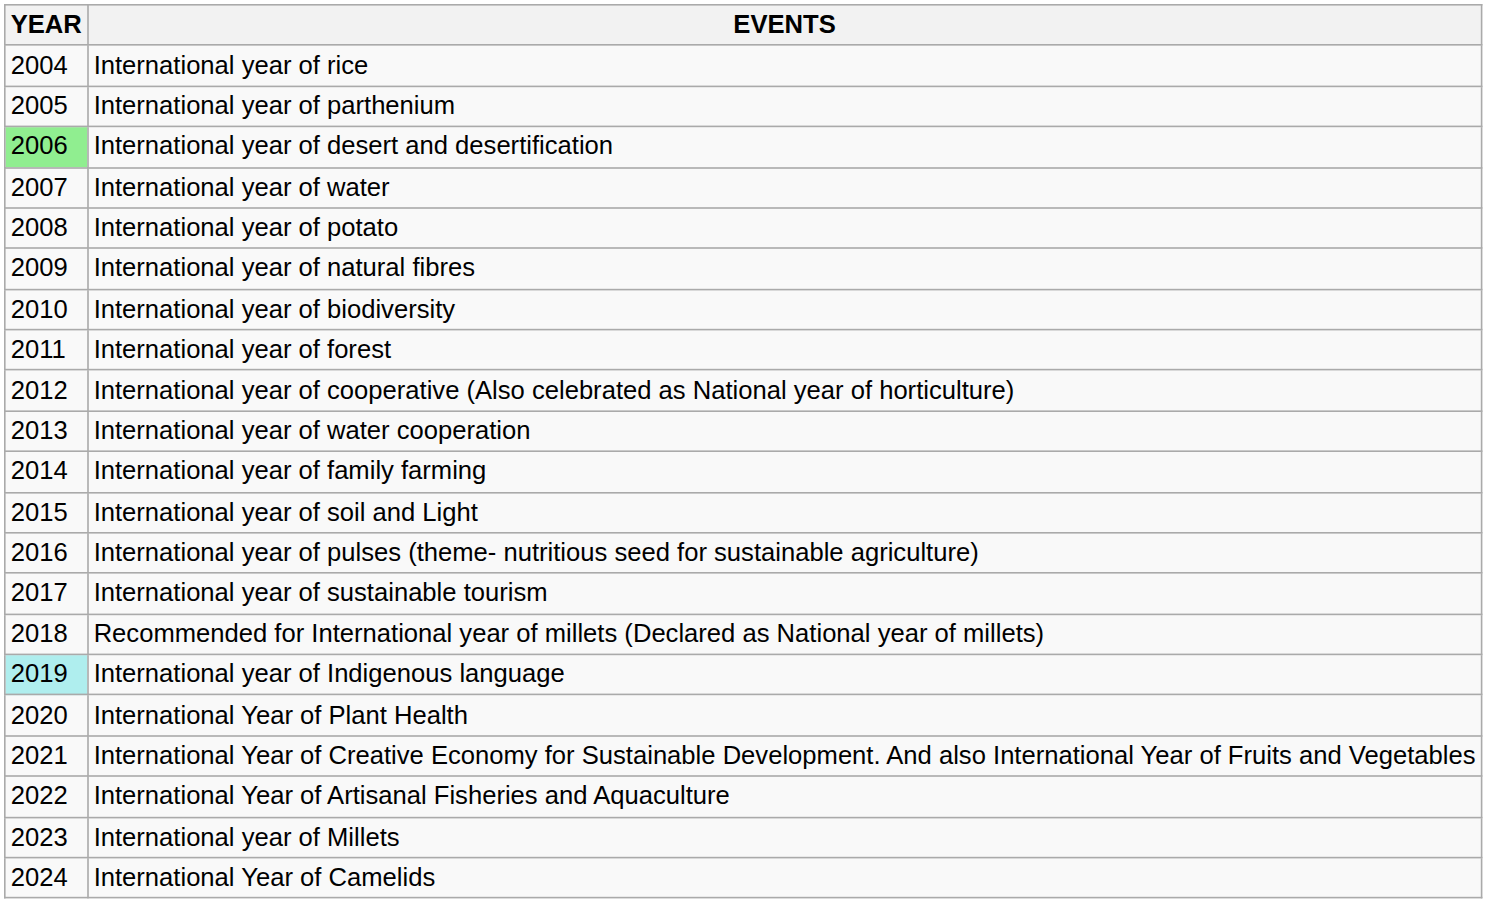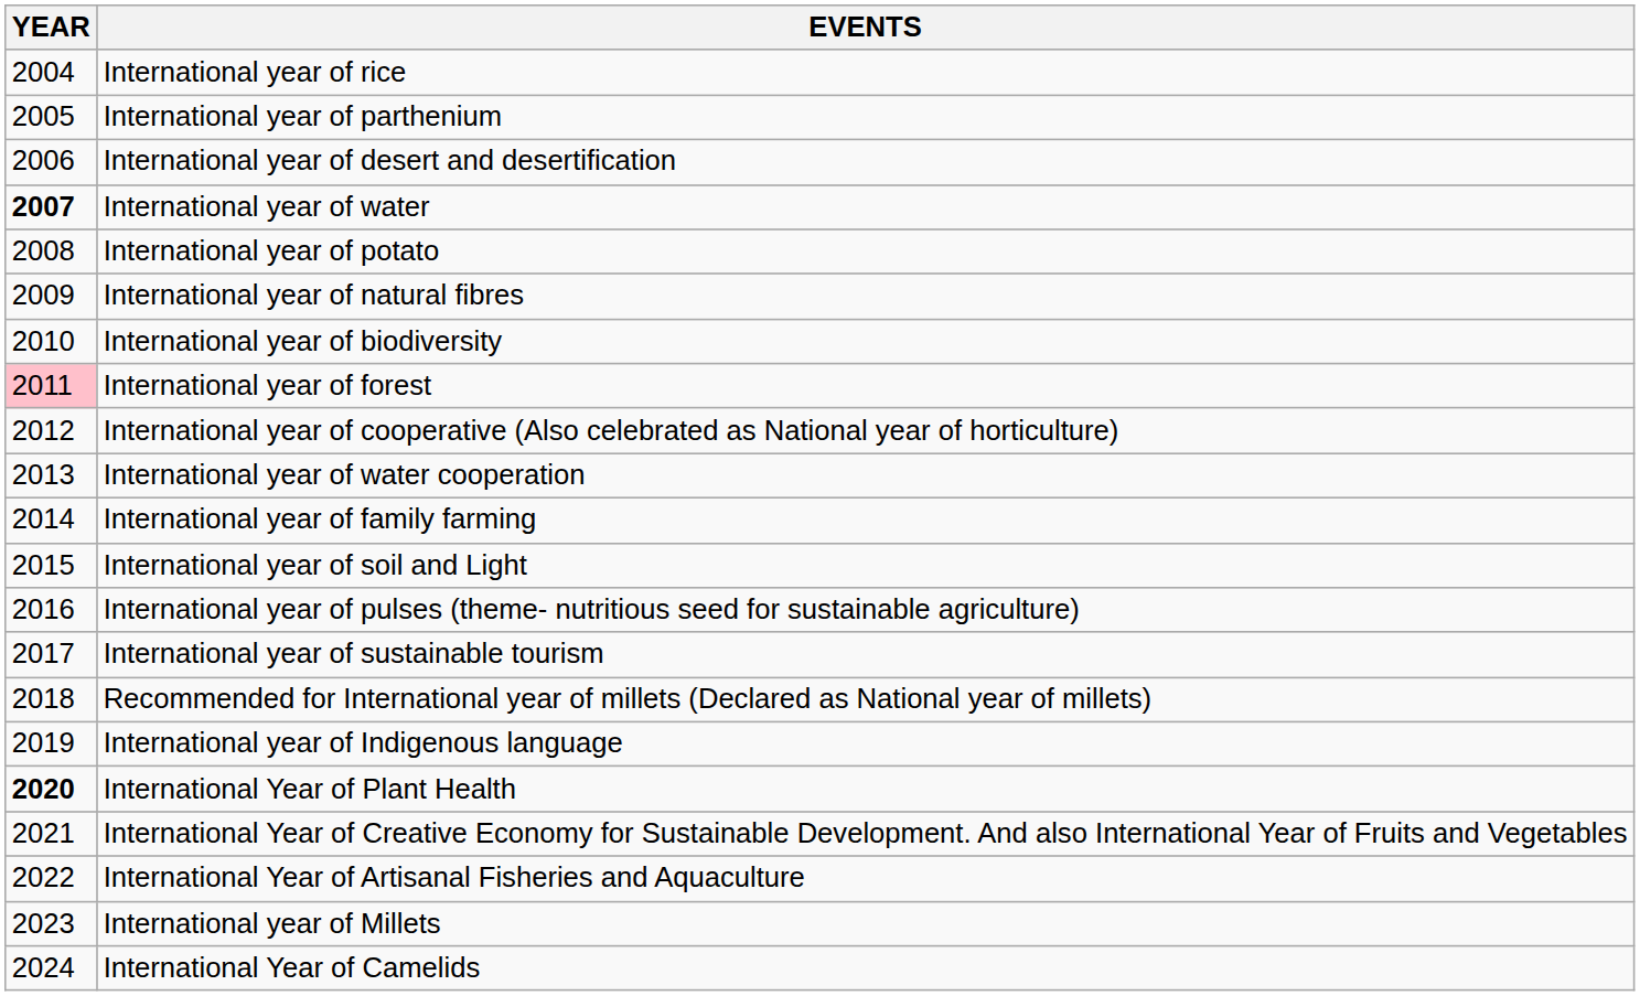 <table class="wikitable">
 <tr>
 <th>YEAR</th>
 <th>EVENTS</th>
 </tr>
 <tr>
 <td>2004</td>
 <td>International year of rice</td>
 </tr>
 <tr>
 <td>2005</td>
 <td>International year of parthenium</td>
 </tr>
 <tr>
-<td style="background: lightgreen;">2006</td>
+<td>2006</td>
 <td>International year of desert and desertification</td>
 </tr>
 <tr>
-<td>2007</td>
+<td><strong>2007</strong></td>
 <td>International year of water</td>
 </tr>
 <tr>
 <td>2008</td>
 <td>International year of potato</td>
 </tr>
 <tr>
 <td>2009</td>
 <td>International year of natural fibres</td>
 </tr>
 <tr>
 <td>2010</td>
 <td>International year of biodiversity</td>
 </tr>
 <tr>
-<td>2011</td>
+<td style="background: pink;">2011</td>
 <td>International year of forest</td>
 </tr>
 <tr>
 <td>2012</td>
 <td>International year of cooperative (Also celebrated as National year of horticulture)</td>
 </tr>
 <tr>
 <td>2013</td>
 <td>International year of water cooperation</td>
 </tr>
 <tr>
 <td>2014</td>
 <td>International year of family farming</td>
 </tr>
 <tr>
 <td>2015</td>
 <td>International year of soil and Light</td>
 </tr>
 <tr>
 <td>2016</td>
 <td>International year of pulses (theme- nutritious seed for sustainable agriculture)</td>
 </tr>
 <tr>
 <td>2017</td>
 <td>International year of sustainable tourism</td>
 </tr>
 <tr>
 <td>2018</td>
 <td>Recommended for International year of millets (Declared as National year of millets)</td>
 </tr>
 <tr>
-<td style="background: paleturquoise;">2019</td>
+<td>2019</td>
 <td>International year of Indigenous language</td>
 </tr>
 <tr>
-<td>2020</td>
+<td><strong>2020</strong></td>
 <td>International Year of Plant Health</td>
 </tr>
 <tr>
 <td>2021</td>
 <td>International Year of Creative Economy for Sustainable Development. And also International Year of Fruits and Vegetables</td>
 </tr>
 <tr>
 <td>2022</td>
 <td>International Year of Artisanal Fisheries and Aquaculture</td>
 </tr>
 <tr>
 <td>2023</td>
 <td>International year of Millets</td>
 </tr>
 <tr>
 <td>2024</td>
 <td>International Year of Camelids</td>
 </tr>
 </table>
